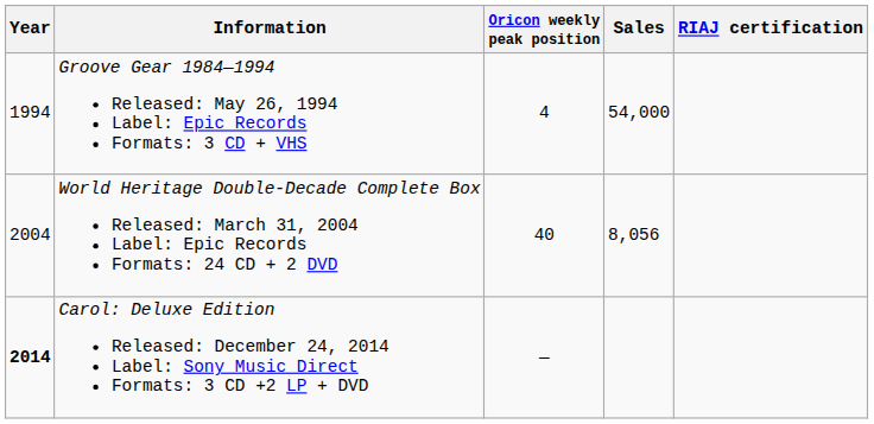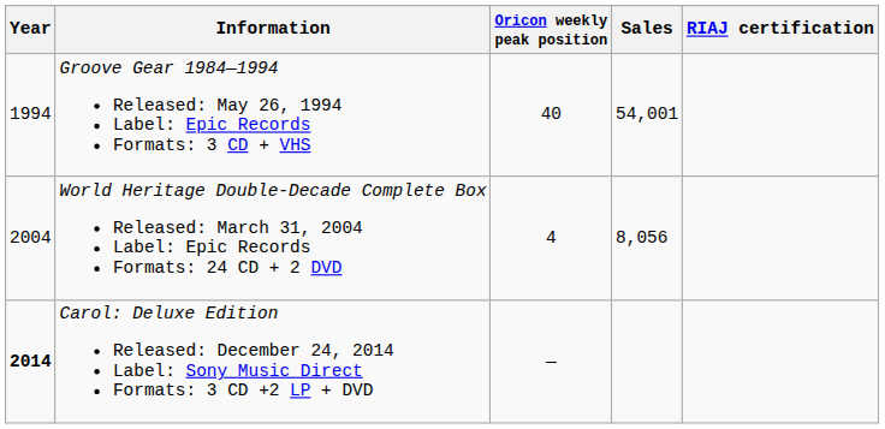 <table class="wikitable">
 <tr>
 <th>Year</th>
 <th>Information</th>
 <th><small><a href='#'>Oricon</a> weekly<br>peak position</small></th>
 <th>Sales<br></th>
 <th><a href='#'>RIAJ</a> certification</th>
 </tr>
 <tr>
 <td>1994</td>
 <td><em>Groove Gear 1984—1994</em><br><ul><li>Released: May 26, 1994</li><li>Label: <a href='#'>Epic Records</a></li><li>Formats: 3 <a href='#'>CD</a> + <a href='#'>VHS</a></li></ul></td>
-<td style="text-align:center;">4</td>
-<td align="left">54,000</td>
+<td style="text-align:center;">40</td>
+<td align="left">54,001</td>
 <td align="left"></td>
 </tr>
 <tr>
 <td>2004</td>
 <td><em>World Heritage Double-Decade Complete Box</em><br><ul><li>Released: March 31, 2004</li><li>Label: Epic Records</li><li>Formats: 24 CD + 2 <a href='#'>DVD</a></li></ul></td>
-<td style="text-align:center;">40</td>
+<td style="text-align:center;">4</td>
 <td align="left">8,056</td>
 <td align="left"></td>
 </tr>
 <tr>
 <td><strong>2014</strong></td>
 <td><em>Carol: Deluxe Edition</em><br><ul><li>Released: December 24, 2014</li><li>Label: <a href='#'>Sony Music Direct</a></li><li>Formats: 3 CD +2 <a href='#'>LP</a> + DVD</li></ul></td>
 <td style="text-align:center;">—</td>
 <td align="left"></td>
 <td align="left"></td>
 </tr>
 </table>
